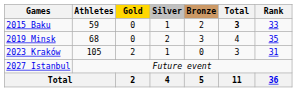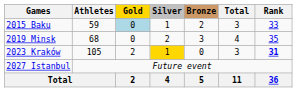 <table class="wikitable" style="text-align:center; font-size:90%;">
 <tr>
 <th>Games</th>
 <th>Athletes</th>
 <td style="background:gold; width:3.7em; font-weight:bold;">Gold</td>
 <td style="background:silver; width:3.7em; font-weight:bold;">Silver</td>
 <td style="background:#cc9966; width:3.7em; font-weight:bold;">Bronze</td>
 <th style="width:4em; font-weight:bold;">Total</th>
 <th style="width:4em; font-weight:bold;">Rank</th>
 </tr>
 <tr>
 <td align=left> <a href='#'>2015 Baku</a></td>
 <td>59</td>
-<td>0</td>
+<td style="background: lightblue;">0</td>
 <td>1</td>
 <td>2</td>
-<td><strong>3</strong></td>
+<td>3</td>
 <td><a href='#'>33</a></td>
 </tr>
 <tr>
 <td align=left> <a href='#'>2019 Minsk</a></td>
 <td>68</td>
 <td>0</td>
 <td>2</td>
 <td>3</td>
 <td>4</td>
 <td><a href='#'>35</a></td>
 </tr>
 <tr>
 <td align=left> <a href='#'>2023 Kraków</a></td>
 <td>105</td>
 <td>2</td>
-<td>1</td>
+<td style="background: gold;">1</td>
 <td>0</td>
 <td>3</td>
-<td><a href='#'>31</a></td>
+<td><strong><a href='#'>31</a></strong></td>
 </tr>
 <tr>
 <td align=left> <a href='#'>2027 Istanbul</a></td>
 <td colspan=6><em>Future event</em></td>
 </tr>
 <tr>
 <th colspan=2>Total</th>
 <th>2</th>
 <th>4</th>
 <th>5</th>
 <th>11</th>
 <th><a href='#'>36</a></th>
 </tr>
 </table>
